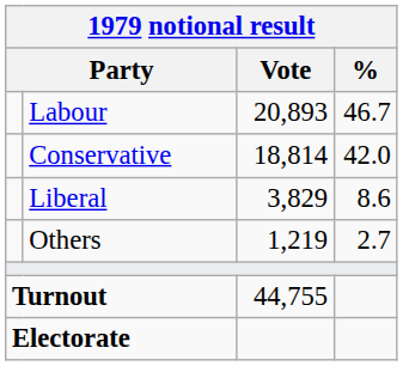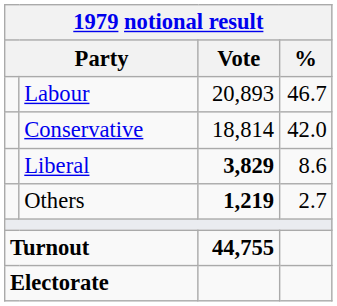 <table class="wikitable">
 <tr>
 <th colspan="4"><a href='#'>1979</a> <a href='#'>notional result</a></th>
 </tr>
 <tr>
 <th bgcolor="#DDDDFF" width="130px" colspan="2">Party</th>
 <th bgcolor="#DDDDFF" width="50px">Vote</th>
 <th bgcolor="#DDDDFF" width="30px">%</th>
 </tr>
 <tr>
 <td></td>
 <td><a href='#'>Labour</a></td>
 <td align=right>20,893</td>
 <td align=right>46.7</td>
 </tr>
 <tr>
 <td></td>
 <td><a href='#'>Conservative</a></td>
 <td align=right>18,814</td>
 <td align=right>42.0</td>
 </tr>
 <tr>
 <td></td>
 <td><a href='#'>Liberal</a></td>
-<td align=right>3,829</td>
+<td align=right><strong>3,829</strong></td>
 <td align=right>8.6</td>
 </tr>
 <tr>
 <td></td>
 <td>Others</td>
-<td align=right>1,219</td>
+<td align=right><strong>1,219</strong></td>
 <td align=right>2.7</td>
 </tr>
 <tr>
 <td colspan="4" bgcolor="#EAECF0"></td>
 </tr>
 <tr>
 <td colspan="2"><strong>Turnout</strong></td>
-<td align=right>44,755</td>
+<td align=right><strong>44,755</strong></td>
 <td align=right></td>
 </tr>
 <tr>
 <td colspan="2"><strong>Electorate</strong></td>
 <td align=right></td>
 </tr>
 </table>
